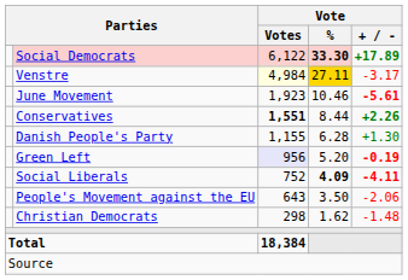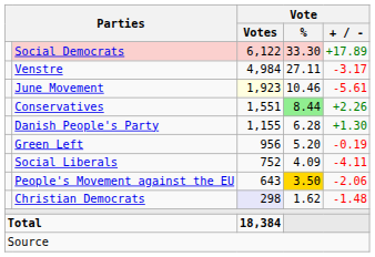 <table class="wikitable" style="text-align:right;">
 <tr>
 <th style="text-align:centre;" rowspan="2" colspan="2" width="225">Parties</th>
 <th colspan="3">Vote</th>
 </tr>
 <tr>
 <th width="15">Votes</th>
 <th width="15">%</th>
 <th width="15">+ / -</th>
 </tr>
 <tr>
 <td width="2" style="color:inherit;background:"></td>
 <td bgcolor=#fbd0ce   align="left"><a href='#'>Social Democrats</a></td>
 <td bgcolor=#fbd0ce>6,122</td>
-<td bgcolor=#fbd0ce><strong>33.30</strong></td>
-<td style=color:green;><strong>+17.89</strong></td>
+<td bgcolor=#fbd0ce>33.30</td>
+<td style=color:green;>+17.89</td>
 </tr>
 <tr>
 <td width="2" style="color:inherit;background:"></td>
 <td align="left"><a href='#'>Venstre</a></td>
-<td style="background: lightyellow;">4,984</td>
-<td style="background: gold;">27.11</td>
+<td>4,984</td>
+<td>27.11</td>
 <td style=color:red;>-3.17</td>
 </tr>
 <tr>
 <td width="2" style="color:inherit;background:"></td>
 <td align="left"><a href='#'>June Movement</a></td>
-<td>1,923</td>
+<td style="background: lightyellow;">1,923</td>
 <td>10.46</td>
-<td style=color:red;><strong>-5.61</strong></td>
+<td style=color:red;>-5.61</td>
 </tr>
 <tr>
 <td width="2" style="color:inherit;background:"></td>
 <td align="left"><a href='#'>Conservatives</a></td>
-<td><strong>1,551</strong></td>
-<td>8.44</td>
-<td style=color:green;><strong>+2.26</strong></td>
+<td>1,551</td>
+<td style="background: lightgreen;">8.44</td>
+<td style=color:green;>+2.26</td>
 </tr>
 <tr>
 <td width="2" style="color:inherit;background:"></td>
 <td align="left"><a href='#'>Danish People's Party</a></td>
 <td>1,155</td>
 <td>6.28</td>
 <td style=color:green;>+1.30</td>
 </tr>
 <tr>
 <td width="2" style="color:inherit;background:"></td>
 <td align="left"><a href='#'>Green Left</a></td>
-<td style="background: lavender;">956</td>
+<td>956</td>
 <td>5.20</td>
-<td style=color:red;><strong>-0.19</strong></td>
+<td style=color:red;>-0.19</td>
 </tr>
 <tr>
 <td width="2" style="color:inherit;background:"></td>
 <td align="left"><a href='#'>Social Liberals</a></td>
 <td>752</td>
-<td><strong>4.09</strong></td>
-<td style=color:red;><strong>-4.11</strong></td>
+<td>4.09</td>
+<td style=color:red;>-4.11</td>
 </tr>
 <tr>
 <td width="2" style="color:inherit;background:"></td>
 <td align="left"><a href='#'>People's Movement against the EU</a></td>
 <td>643</td>
-<td>3.50</td>
+<td style="background: gold;">3.50</td>
 <td style=color:red;>-2.06</td>
 </tr>
 <tr>
 <td width="2" style="color:inherit;background:"></td>
 <td align="left"><a href='#'>Christian Democrats</a></td>
-<td>298</td>
+<td style="background: lavender;">298</td>
 <td>1.62</td>
 <td style=color:red;>-1.48</td>
 </tr>
 <tr>
 <td colspan="7" bgcolor="#E9E9E9"></td>
 </tr>
 <tr>
 <td align="left" colspan="2"><strong>Total</strong></td>
 <td><strong>18,384</strong></td>
 <td bgcolor="#E9E9E9" colspan="2"></td>
 </tr>
 <tr>
 <td align="left" colspan="6">Source</td>
 </tr>
 </table>
